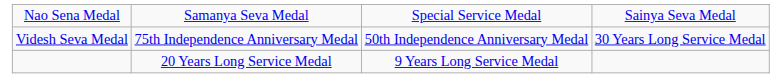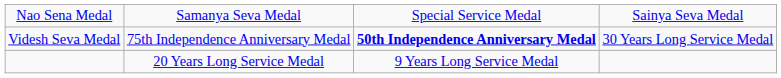 <table class="wikitable" style="margin:1em auto; text-align:center;">
 <tr>
 <td><a href='#'>Nao Sena Medal</a></td>
 <td><a href='#'>Samanya Seva Medal</a></td>
 <td><a href='#'>Special Service Medal</a></td>
 <td><a href='#'>Sainya Seva Medal</a></td>
 </tr>
 <tr>
 <td><a href='#'>Videsh Seva Medal</a></td>
 <td><a href='#'>75th Independence Anniversary Medal</a></td>
-<td><a href='#'>50th Independence Anniversary Medal</a></td>
+<td><strong><a href='#'>50th Independence Anniversary Medal</a></strong></td>
 <td><a href='#'>30 Years Long Service Medal</a></td>
 </tr>
 <tr>
 <td></td>
 <td><a href='#'>20 Years Long Service Medal</a></td>
 <td><a href='#'>9 Years Long Service Medal</a></td>
 <td></td>
 </tr>
 </table>
